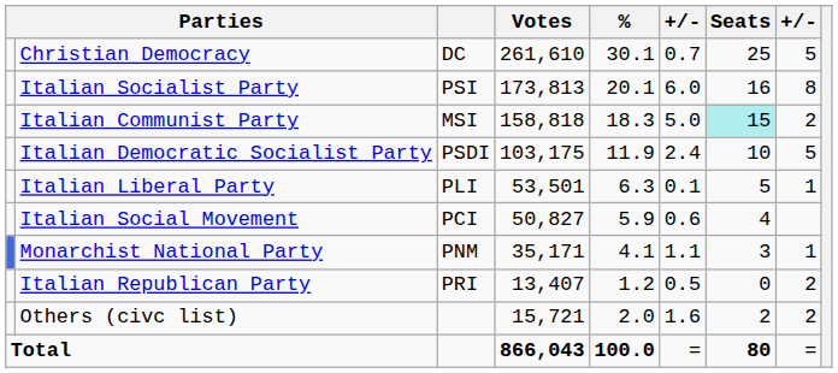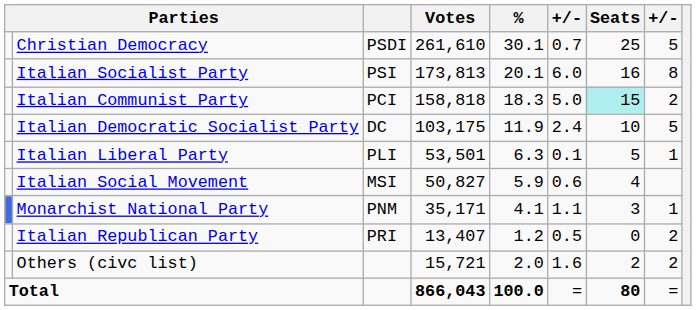 <table class="wikitable">
 <tr>
 <th colspan="2">Parties</th>
 <th></th>
 <th>Votes</th>
 <th>%</th>
 <th>+/-</th>
 <th>Seats</th>
 <th>+/-</th>
 <th rowspan="12"></th>
 </tr>
 <tr>
 <td style="background-color:"></td>
 <td><a href='#'>Christian Democracy</a></td>
-<td>DC</td>
+<td>PSDI</td>
 <td align=right>261,610</td>
 <td align=right>30.1</td>
 <td align=right> 0.7</td>
 <td align=right>25</td>
 <td align=right> 5</td>
 </tr>
 <tr>
 <td style="background-color:"></td>
 <td><a href='#'>Italian Socialist Party</a></td>
 <td>PSI</td>
 <td align=right>173,813</td>
 <td align=right>20.1</td>
 <td align=right> 6.0</td>
 <td align=right>16</td>
 <td align=right> 8</td>
 </tr>
 <tr>
 <td style="background-color:"></td>
 <td><a href='#'>Italian Communist Party</a></td>
-<td>MSI</td>
+<td>PCI</td>
 <td align=right>158,818</td>
 <td align=right>18.3</td>
 <td align=right> 5.0</td>
 <td align=right style="background: paleturquoise;">15</td>
 <td align=right> 2</td>
 </tr>
 <tr>
 <td style="background-color:"></td>
 <td><a href='#'>Italian Democratic Socialist Party</a></td>
-<td>PSDI</td>
+<td>DC</td>
 <td align=right>103,175</td>
 <td align=right>11.9</td>
 <td align=right> 2.4</td>
 <td align=right>10</td>
 <td align=right> 5</td>
 </tr>
 <tr>
 <td style="background-color:"></td>
 <td><a href='#'>Italian Liberal Party</a></td>
 <td>PLI</td>
 <td align=right>53,501</td>
 <td align=right>6.3</td>
 <td align=right> 0.1</td>
 <td align=right>5</td>
 <td align=right> 1</td>
 </tr>
 <tr>
 <td style="background-color:"></td>
 <td><a href='#'>Italian Social Movement</a></td>
-<td>PCI</td>
+<td>MSI</td>
 <td align=right>50,827</td>
 <td align=right>5.9</td>
 <td align=right> 0.6</td>
 <td align=right>4</td>
 <td align=right></td>
 </tr>
 <tr>
 <td style="background-color:royalblue"></td>
 <td><a href='#'>Monarchist National Party</a></td>
 <td>PNM</td>
 <td align=right>35,171</td>
 <td align=right>4.1</td>
 <td align=right> 1.1</td>
 <td align=right>3</td>
 <td align=right> 1</td>
 </tr>
 <tr>
 <td style="background-color:"></td>
 <td><a href='#'>Italian Republican Party</a></td>
 <td>PRI</td>
 <td align=right>13,407</td>
 <td align=right>1.2</td>
 <td align=right> 0.5</td>
 <td align=right>0</td>
 <td align=right> 2</td>
 </tr>
 <tr>
 <td style="background-color:"></td>
 <td>Others (civc list)</td>
 <td></td>
 <td align=right>15,721</td>
 <td align=right>2.0</td>
 <td align=right> 1.6</td>
 <td align=right>2</td>
 <td align=right> 2</td>
 </tr>
 <tr>
 <td colspan="2"><strong>Total</strong></td>
 <td></td>
 <td align=right><strong>866,043</strong></td>
 <td align=right><strong>100.0</strong></td>
 <td align=right>=</td>
 <td align=right><strong>80</strong></td>
 <td align=right>=</td>
 </tr>
 </table>
